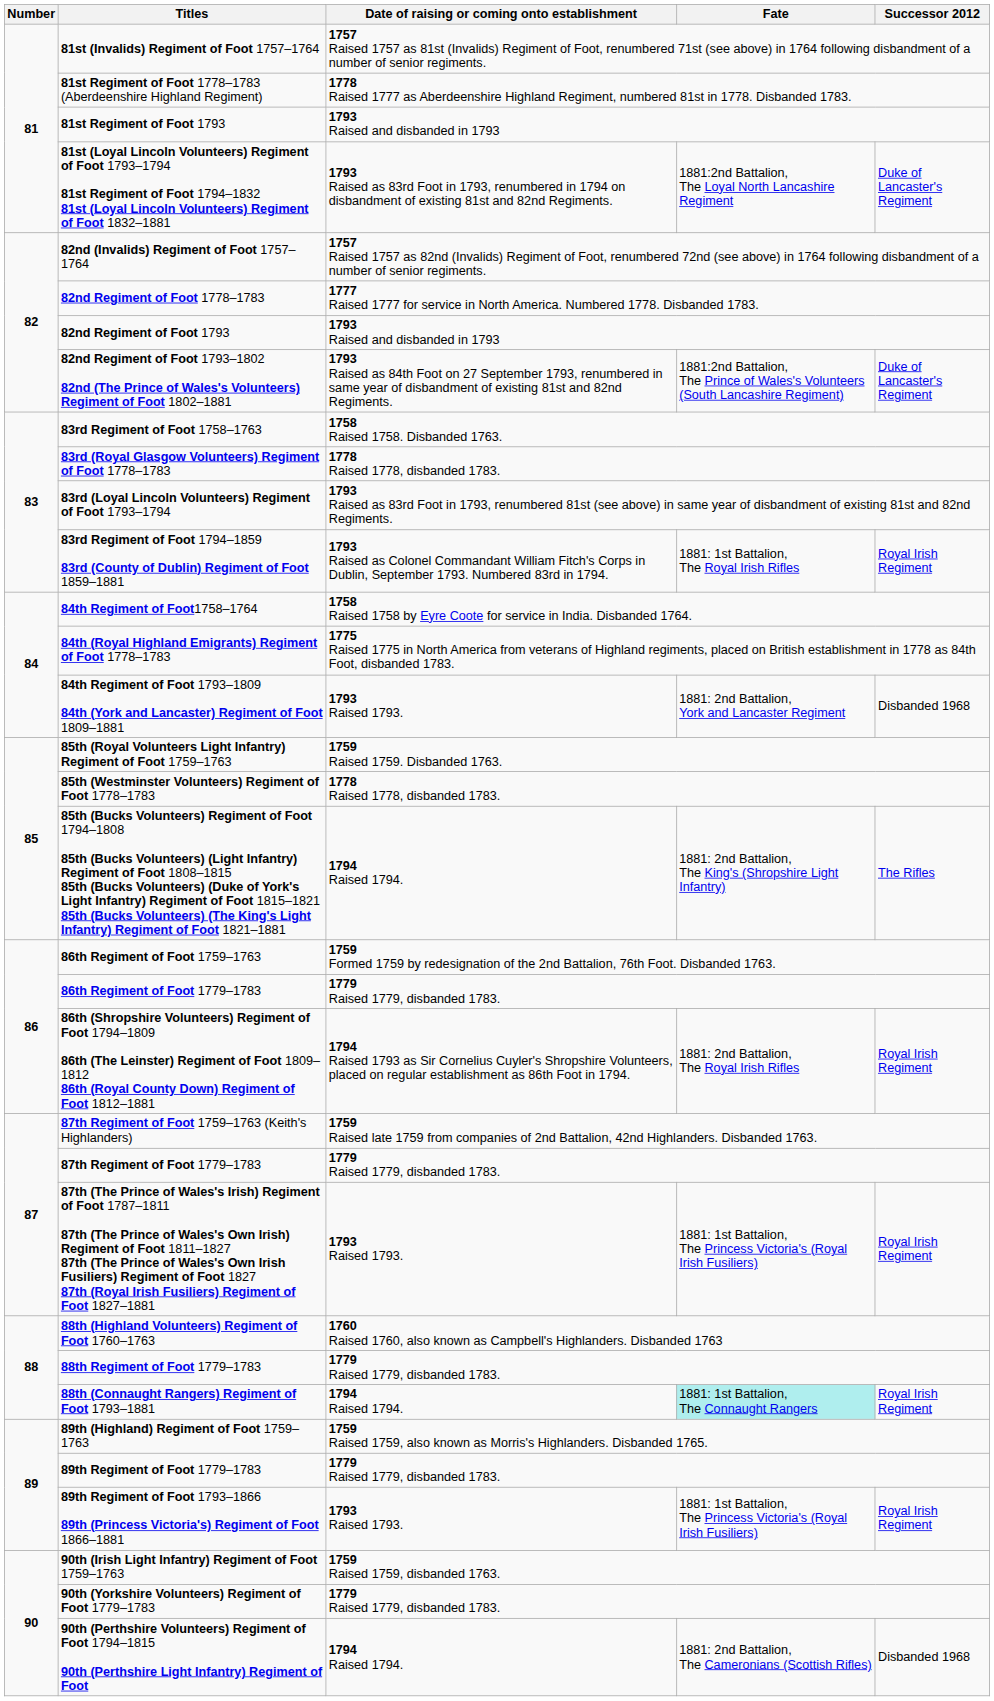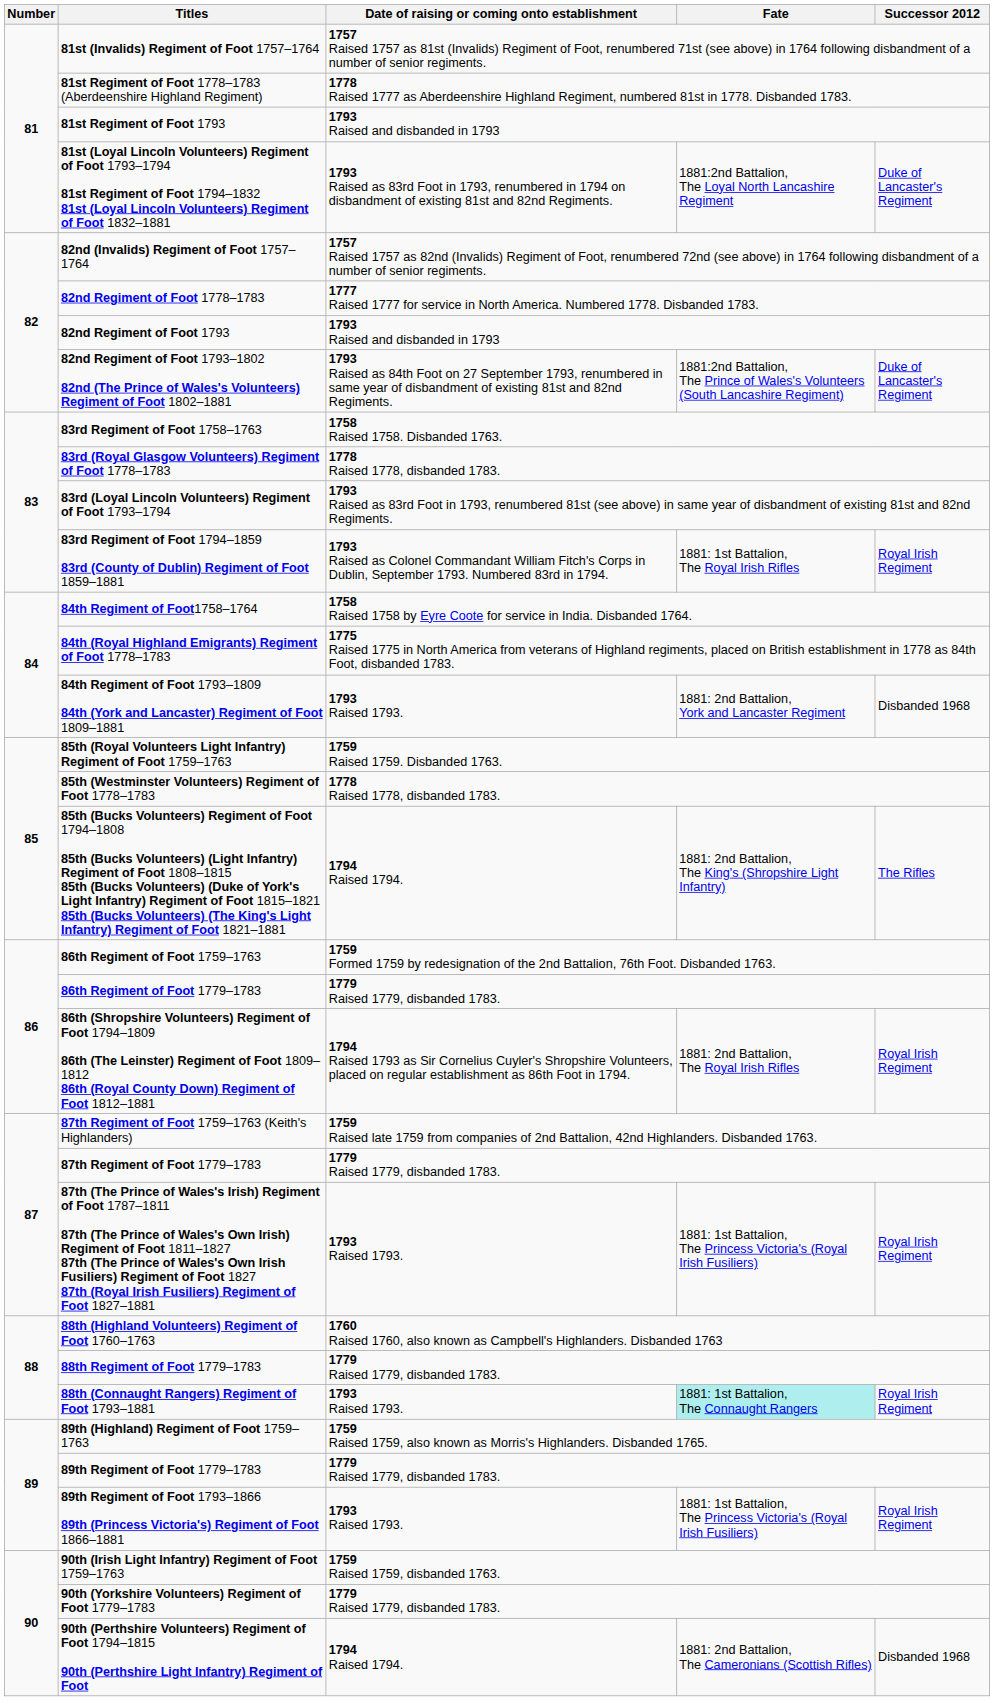 <table class="wikitable">
 <tr>
 <th>Number</th>
 <th>Titles</th>
 <th>Date of raising or coming onto establishment</th>
 <th>Fate</th>
 <th>Successor 2012</th>
 </tr>
 <tr>
 <td align=center valign=middle rowspan="4"><strong>81</strong></td>
 <td><strong>81st (Invalids) Regiment of Foot</strong> 1757–1764</td>
 <td colspan="3"><strong>1757</strong><br>Raised 1757 as 81st (Invalids) Regiment of Foot, renumbered 71st (see above) in 1764 following disbandment of a number of senior regiments.</td>
 </tr>
 <tr>
 <td><strong>81st Regiment of Foot</strong> 1778–1783 (Aberdeenshire Highland Regiment)</td>
 <td colspan="3"><strong>1778</strong><br>Raised 1777 as Aberdeenshire Highland Regiment, numbered 81st in 1778. Disbanded 1783.</td>
 </tr>
 <tr>
 <td><strong>81st Regiment of Foot</strong> 1793</td>
 <td colspan="3"><strong>1793</strong><br>Raised and disbanded in 1793</td>
 </tr>
 <tr>
 <td><strong>81st (Loyal Lincoln Volunteers) Regiment of Foot</strong> 1793–1794<br><br><strong>81st Regiment of Foot</strong> 1794–1832<br> <strong><a href='#'>81st (Loyal Lincoln Volunteers) Regiment of Foot</a></strong> 1832–1881</td>
 <td><strong>1793</strong><br>Raised as 83rd Foot in 1793, renumbered in 1794 on disbandment of existing 81st and 82nd Regiments.</td>
 <td>1881:2nd Battalion,<br>The <a href='#'>Loyal North Lancashire Regiment</a></td>
 <td><a href='#'>Duke of Lancaster's Regiment</a></td>
 </tr>
 <tr>
 <td align=center valign=middle rowspan="4"><strong>82</strong></td>
 <td><strong>82nd (Invalids) Regiment of Foot</strong> 1757–1764</td>
 <td colspan="3"><strong>1757</strong><br>Raised 1757 as 82nd (Invalids) Regiment of Foot, renumbered 72nd (see above) in 1764 following disbandment of a number of senior regiments.</td>
 </tr>
 <tr>
 <td><strong><a href='#'>82nd Regiment of Foot</a></strong> 1778–1783</td>
 <td colspan="3"><strong>1777</strong><br>Raised 1777 for service in North America. Numbered 1778. Disbanded 1783.</td>
 </tr>
 <tr>
 <td><strong>82nd Regiment of Foot</strong> 1793</td>
 <td colspan="3"><strong>1793</strong><br>Raised and disbanded in 1793</td>
 </tr>
 <tr>
 <td><strong>82nd Regiment of Foot</strong> 1793–1802<br><br><strong><a href='#'>82nd (The Prince of Wales's Volunteers) Regiment of Foot</a></strong> 1802–1881</td>
 <td><strong>1793</strong><br>Raised as 84th Foot on 27 September 1793, renumbered in same year of disbandment of existing 81st and 82nd Regiments.</td>
 <td>1881:2nd Battalion,<br>The <a href='#'>Prince of Wales's Volunteers (South Lancashire Regiment)</a></td>
 <td><a href='#'>Duke of Lancaster's Regiment</a></td>
 </tr>
 <tr>
 <td align=center valign=middle rowspan="4"><strong>83</strong></td>
 <td><strong>83rd Regiment of Foot</strong> 1758–1763</td>
 <td colspan="3"><strong>1758</strong><br>Raised 1758. Disbanded 1763.</td>
 </tr>
 <tr>
 <td><strong><a href='#'>83rd (Royal Glasgow Volunteers) Regiment of Foot</a></strong> 1778–1783</td>
 <td colspan="3"><strong>1778</strong><br>Raised 1778, disbanded 1783.</td>
 </tr>
 <tr>
 <td><strong>83rd (Loyal Lincoln Volunteers) Regiment of Foot</strong> 1793–1794</td>
 <td colspan="3"><strong>1793</strong><br>Raised as 83rd Foot in 1793, renumbered 81st (see above) in same year of disbandment of existing 81st and 82nd Regiments.</td>
 </tr>
 <tr>
 <td><strong>83rd Regiment of Foot</strong> 1794–1859<br><br><strong><a href='#'>83rd (County of Dublin) Regiment of Foot</a></strong> 1859–1881</td>
 <td><strong>1793</strong><br>Raised as Colonel Commandant William Fitch's Corps in Dublin, September 1793. Numbered 83rd in 1794.</td>
 <td>1881: 1st Battalion, <br>The <a href='#'>Royal Irish Rifles</a></td>
 <td><a href='#'>Royal Irish Regiment</a></td>
 </tr>
 <tr>
 <td align=center valign=middle rowspan="3"><strong>84</strong></td>
 <td><strong><a href='#'>84th Regiment of Foot</a></strong>1758–1764</td>
 <td colspan="3"><strong>1758</strong><br>Raised 1758 by <a href='#'>Eyre Coote</a> for service in India. Disbanded 1764.</td>
 </tr>
 <tr>
 <td><strong><a href='#'>84th (Royal Highland Emigrants) Regiment of Foot</a></strong> 1778–1783</td>
 <td colspan="3"><strong>1775</strong><br>Raised 1775 in North America from veterans of Highland regiments, placed on British establishment in 1778 as 84th Foot, disbanded 1783.</td>
 </tr>
 <tr>
 <td><strong>84th Regiment of Foot</strong> 1793–1809<br><br><strong><a href='#'>84th (York and Lancaster) Regiment of Foot</a></strong> 1809–1881</td>
 <td><strong>1793</strong><br>Raised 1793.</td>
 <td>1881: 2nd Battalion,<br><a href='#'>York and Lancaster Regiment</a></td>
 <td>Disbanded 1968</td>
 </tr>
 <tr>
 <td align=center valign=middle rowspan="3"><strong>85</strong></td>
 <td><strong>85th (Royal Volunteers Light Infantry) Regiment of Foot</strong> 1759–1763</td>
 <td colspan="3"><strong>1759</strong><br>Raised 1759. Disbanded 1763.</td>
 </tr>
 <tr>
 <td><strong>85th (Westminster Volunteers) Regiment of Foot</strong> 1778–1783</td>
 <td colspan="3"><strong>1778</strong><br>Raised 1778, disbanded 1783.</td>
 </tr>
 <tr>
 <td><strong>85th (Bucks Volunteers) Regiment of Foot</strong> 1794–1808<br><br><strong>85th (Bucks Volunteers) (Light Infantry) Regiment of Foot</strong> 1808–1815<br> <strong>85th (Bucks Volunteers) (Duke of York's Light Infantry) Regiment of Foot</strong> 1815–1821<br> <strong><a href='#'>85th (Bucks Volunteers) (The King's Light Infantry) Regiment of Foot</a></strong> 1821–1881</td>
 <td><strong>1794</strong><br>Raised 1794.</td>
 <td>1881: 2nd Battalion,<br>The <a href='#'>King's (Shropshire Light Infantry)</a></td>
 <td><a href='#'>The Rifles</a></td>
 </tr>
 <tr>
 <td align=center valign=middle rowspan="3"><strong>86</strong></td>
 <td><strong>86th Regiment of Foot</strong> 1759–1763</td>
 <td colspan="3"><strong>1759</strong><br>Formed 1759 by redesignation of the 2nd Battalion, 76th Foot. Disbanded 1763.</td>
 </tr>
 <tr>
 <td><strong><a href='#'>86th Regiment of Foot</a></strong> 1779–1783</td>
 <td colspan="3"><strong>1779</strong><br>Raised 1779, disbanded 1783.</td>
 </tr>
 <tr>
 <td><strong>86th (Shropshire Volunteers) Regiment of Foot</strong> 1794–1809<br><br><strong>86th (The Leinster) Regiment of Foot</strong> 1809–1812<br> <strong><a href='#'>86th (Royal County Down) Regiment of Foot</a></strong> 1812–1881</td>
 <td><strong>1794</strong><br>Raised 1793 as Sir Cornelius Cuyler's Shropshire Volunteers, placed on regular establishment as 86th Foot in 1794.</td>
 <td>1881: 2nd Battalion,<br>The <a href='#'>Royal Irish Rifles</a></td>
 <td><a href='#'>Royal Irish Regiment</a></td>
 </tr>
 <tr>
 <td align=center valign=middle rowspan="3"><strong>87</strong></td>
 <td><strong><a href='#'>87th Regiment of Foot</a></strong> 1759–1763 (Keith's Highlanders)</td>
 <td colspan="3"><strong>1759</strong><br>Raised late 1759 from companies of 2nd Battalion, 42nd Highlanders. Disbanded 1763.</td>
 </tr>
 <tr>
 <td><strong>87th Regiment of Foot </strong>1779–1783<br></td>
 <td colspan="3"><strong>1779</strong><br>Raised 1779, disbanded 1783.</td>
 </tr>
 <tr>
 <td><strong>87th (The Prince of Wales's Irish) Regiment of Foot</strong> 1787–1811<br><br><strong>87th (The Prince of Wales's Own Irish) Regiment of Foot</strong> 1811–1827<br> <strong>87th (The Prince of Wales's Own Irish Fusiliers) Regiment of Foot</strong> 1827<br> <strong><a href='#'>87th (Royal Irish Fusiliers) Regiment of Foot</a></strong> 1827–1881</td>
 <td><strong>1793</strong><br>Raised 1793.</td>
 <td>1881: 1st Battalion, <br>The <a href='#'>Princess Victoria's (Royal Irish Fusiliers)</a></td>
 <td><a href='#'>Royal Irish Regiment</a></td>
 </tr>
 <tr>
 <td align=center valign=middle rowspan="3"><strong>88</strong></td>
 <td><strong><a href='#'>88th (Highland Volunteers) Regiment of Foot</a></strong> 1760–1763</td>
 <td colspan="3"><strong>1760</strong><br>Raised 1760, also known as Campbell's Highlanders. Disbanded 1763</td>
 </tr>
 <tr>
 <td><strong><a href='#'>88th Regiment of Foot</a></strong> 1779–1783<br></td>
 <td colspan="3"><strong>1779</strong><br>Raised 1779, disbanded 1783.</td>
 </tr>
 <tr>
 <td><strong><a href='#'>88th (Connaught Rangers) Regiment of Foot</a></strong> 1793–1881<br></td>
-<td><strong>1794</strong><br>Raised 1794.</td>
+<td><strong>1793</strong><br>Raised 1793.</td>
 <td style="background: paleturquoise;">1881: 1st Battalion,<br>The <a href='#'>Connaught Rangers</a></td>
 <td><a href='#'>Royal Irish Regiment</a></td>
 </tr>
 <tr>
 <td align=center valign=middle rowspan="3"><strong>89</strong></td>
 <td><strong>89th (Highland) Regiment of Foot</strong> 1759–1763<br></td>
 <td colspan="3"><strong>1759</strong><br>Raised 1759, also known as Morris's Highlanders. Disbanded 1765.</td>
 </tr>
 <tr>
 <td><strong>89th Regiment of Foot</strong> 1779–1783<br></td>
 <td colspan="3"><strong>1779</strong><br>Raised 1779, disbanded 1783.</td>
 </tr>
 <tr>
 <td><strong>89th Regiment of Foot</strong> 1793–1866<br><br><strong><a href='#'>89th (Princess Victoria's) Regiment of Foot</a></strong> 1866–1881</td>
 <td><strong>1793</strong><br>Raised 1793.</td>
 <td>1881: 1st Battalion, <br>The <a href='#'>Princess Victoria's (Royal Irish Fusiliers)</a></td>
 <td><a href='#'>Royal Irish Regiment</a></td>
 </tr>
 <tr>
 <td align=center valign=middle rowspan="3"><strong>90</strong></td>
 <td><strong>90th (Irish Light Infantry) Regiment of Foot</strong> 1759–1763</td>
 <td colspan="3"><strong>1759</strong><br>Raised 1759, disbanded 1763.</td>
 </tr>
 <tr>
 <td><strong>90th (Yorkshire Volunteers) Regiment of Foot</strong> 1779–1783</td>
 <td colspan="3"><strong>1779</strong><br>Raised 1779, disbanded 1783.</td>
 </tr>
 <tr>
 <td><strong>90th (Perthshire Volunteers) Regiment of Foot</strong> 1794–1815<br><br><strong><a href='#'>90th (Perthshire Light Infantry) Regiment of Foot</a></strong></td>
 <td><strong>1794</strong><br>Raised 1794.</td>
 <td>1881: 2nd Battalion,<br>The <a href='#'>Cameronians (Scottish Rifles)</a></td>
 <td>Disbanded 1968</td>
 </tr>
 </table>
